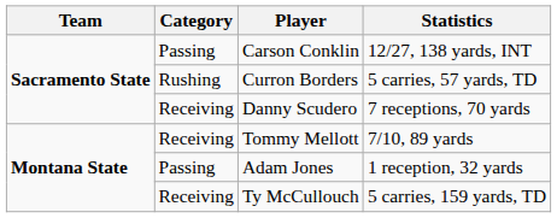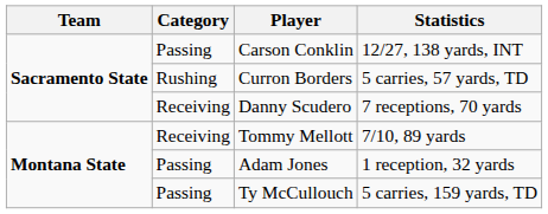 <table class="wikitable" style="float: right;">
 <tr>
 <th>Team</th>
 <th>Category</th>
 <th>Player</th>
 <th>Statistics</th>
 </tr>
 <tr>
 <td rowspan=3><strong>Sacramento State</strong></td>
 <td>Passing</td>
 <td>Carson Conklin</td>
 <td>12/27, 138 yards, INT</td>
 </tr>
 <tr>
 <td>Rushing</td>
 <td>Curron Borders</td>
 <td>5 carries, 57 yards, TD</td>
 </tr>
 <tr>
 <td>Receiving</td>
 <td>Danny Scudero</td>
 <td>7 receptions, 70 yards</td>
 </tr>
 <tr>
 <td rowspan=3><strong>Montana State</strong></td>
 <td>Receiving</td>
 <td>Tommy Mellott</td>
 <td>7/10, 89 yards</td>
 </tr>
 <tr>
 <td>Passing</td>
 <td>Adam Jones</td>
 <td>1 reception, 32 yards</td>
 </tr>
 <tr>
-<td>Receiving</td>
+<td>Passing</td>
 <td>Ty McCullouch</td>
 <td>5 carries, 159 yards, TD</td>
 </tr>
 </table>
